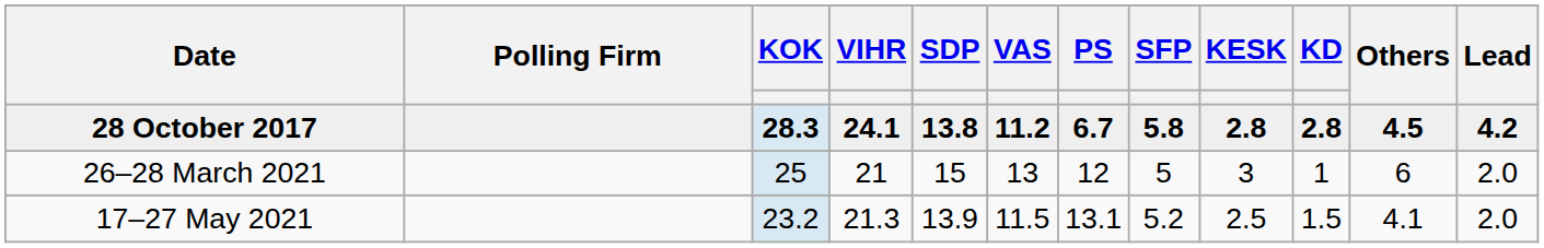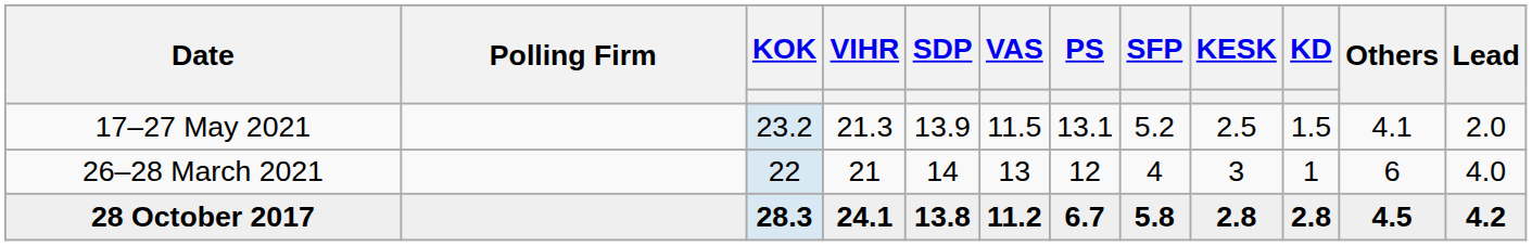 <table class="wikitable sortable" style="text-align:center; font-size:90%; line-height:16px;">
 <tr style="height:42px;">
 <th style="width:190px;" rowspan="2">Date</th>
 <th style="width:165px;" rowspan="2">Polling Firm</th>
 <th><a href='#'><span>KOK</span></a></th>
 <th><a href='#'><span>VIHR</span></a></th>
 <th><a href='#'><span>SDP</span></a></th>
 <th><a href='#'><span>VAS</span></a></th>
 <th><a href='#'><span>PS</span></a></th>
 <th><a href='#'><span>SFP</span></a></th>
 <th><a href='#'><span>KESK</span></a></th>
 <th><a href='#'><span>KD</span></a></th>
 <th style="width:40px;" rowspan="2">Others</th>
 <th style="width:20px;" rowspan="2">Lead</th>
 </tr>
 <tr>
 <th style="background:"></th>
 <th style="background:"></th>
 <th style="background:"></th>
 <th style="background:"></th>
 <th style="background:"></th>
 <th style="background:"></th>
 <th style="background:"></th>
 <th style="background:"></th>
 </tr>
+<tr>
+<td>17–27 May 2021</td>
+<td></td>
+<td style="background:#D9E9F4">23.2</td>
+<td>21.3</td>
+<td>13.9</td>
+<td>11.5</td>
+<td>13.1</td>
+<td>5.2</td>
+<td>2.5</td>
+<td>1.5</td>
+<td>4.1</td>
+<td style="background:">2.0</td>
+</tr>
+<tr>
+<td>26–28 March 2021</td>
+<td></td>
+<td style="background:#D9E9F4">22</td>
+<td>21</td>
+<td>14</td>
+<td>13</td>
+<td>12</td>
+<td>4</td>
+<td>3</td>
+<td>1</td>
+<td>6</td>
+<td style="background:">4.0</td>
+</tr>
 <tr style="background:#EFEFEF; font-weight:bold;">
 <td data-sort-value="2012-10-28">28 October 2017</td>
 <td></td>
 <td style="background:#D9E9F4">28.3</td>
 <td>24.1</td>
 <td>13.8</td>
 <td>11.2</td>
 <td>6.7</td>
 <td>5.8</td>
 <td>2.8</td>
 <td>2.8</td>
 <td>4.5</td>
 <td style="background:">4.2</td>
 </tr>
-<tr>
-<td>26–28 March 2021</td>
-<td></td>
-<td style="background:#D9E9F4">25</td>
-<td>21</td>
-<td>15</td>
-<td>13</td>
-<td>12</td>
-<td>5</td>
-<td>3</td>
-<td>1</td>
-<td>6</td>
-<td style="background:">2.0</td>
-</tr>
-<tr>
-<td>17–27 May 2021</td>
-<td></td>
-<td style="background:#D9E9F4">23.2</td>
-<td>21.3</td>
-<td>13.9</td>
-<td>11.5</td>
-<td>13.1</td>
-<td>5.2</td>
-<td>2.5</td>
-<td>1.5</td>
-<td>4.1</td>
-<td style="background:">2.0</td>
-</tr>
 </table>
